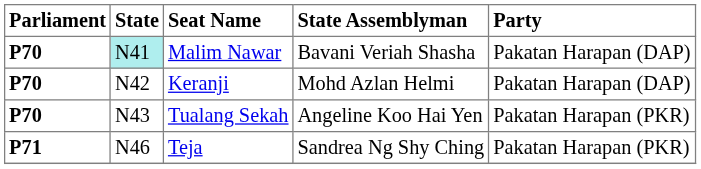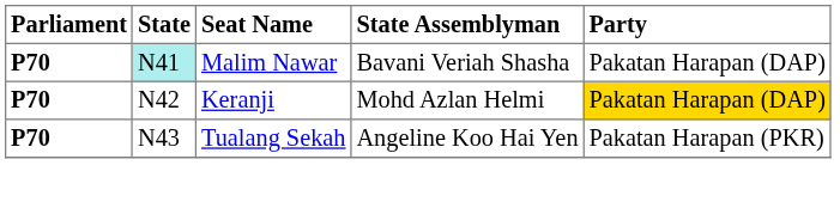 <table class="toccolours sortable" border="1" cellpadding="3" style="border-collapse:collapse; text-align: left;">
 <tr>
 <th align="center">Parliament</th>
 <th>State</th>
 <th>Seat Name</th>
 <th>State Assemblyman</th>
 <th>Party</th>
 </tr>
 <tr>
 <th align="left">P70</th>
 <td style="background: paleturquoise;">N41</td>
 <td><a href='#'>Malim Nawar</a></td>
 <td>Bavani Veriah Shasha</td>
 <td>Pakatan Harapan (DAP)</td>
 </tr>
 <tr>
 <th align="left">P70</th>
 <td>N42</td>
 <td><a href='#'>Keranji</a></td>
 <td>Mohd Azlan Helmi</td>
-<td>Pakatan Harapan (DAP)</td>
+<td style="background: gold;">Pakatan Harapan (DAP)</td>
 </tr>
 <tr>
 <th align="left">P70</th>
 <td>N43</td>
 <td><a href='#'>Tualang Sekah</a></td>
 <td>Angeline Koo Hai Yen</td>
 <td>Pakatan Harapan (PKR)</td>
 </tr>
 <tr>
-<th align="left">P71</th>
-<td>N46</td>
-<td><a href='#'>Teja</a></td>
-<td>Sandrea Ng Shy Ching</td>
-<td>Pakatan Harapan (PKR)</td>
-</tr>
-<tr>
 </tr>
 </table>
